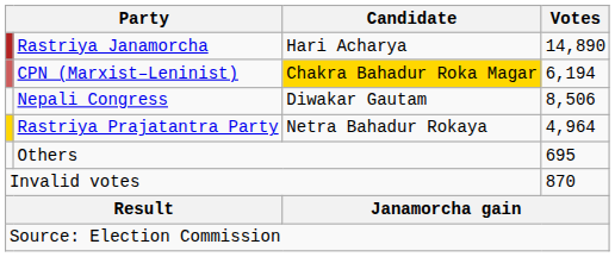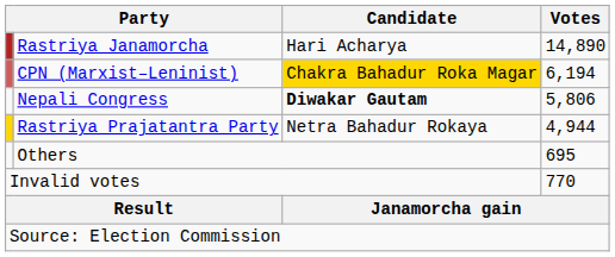 <table class="wikitable">
 <tr>
 <th colspan="2">Party</th>
 <th>Candidate</th>
 <th>Votes</th>
 </tr>
 <tr>
 <td style="background-color:firebrick"></td>
 <td><a href='#'>Rastriya Janamorcha</a></td>
 <td>Hari Acharya</td>
 <td>14,890</td>
 </tr>
 <tr>
 <td style="background-color:indianred"></td>
 <td><a href='#'>CPN (Marxist–Leninist)</a></td>
 <td style="background: gold;">Chakra Bahadur Roka Magar</td>
 <td>6,194</td>
 </tr>
 <tr>
 <td style="background-color:"></td>
 <td><a href='#'>Nepali Congress</a></td>
-<td>Diwakar Gautam</td>
-<td>8,506</td>
+<td><strong>Diwakar Gautam</strong></td>
+<td>5,806</td>
 </tr>
 <tr>
 <td style="background-color:gold"></td>
 <td><a href='#'>Rastriya Prajatantra Party</a></td>
 <td>Netra Bahadur Rokaya</td>
-<td>4,964</td>
+<td>4,944</td>
 </tr>
 <tr>
 <td></td>
 <td colspan="2">Others</td>
 <td>695</td>
 </tr>
 <tr>
 <td colspan="3">Invalid votes</td>
-<td>870</td>
+<td>770</td>
 </tr>
 <tr>
 <th colspan="2">Result</th>
 <th colspan="2">Janamorcha gain</th>
 </tr>
 <tr>
 <td colspan="4">Source: Election Commission</td>
 </tr>
 </table>
